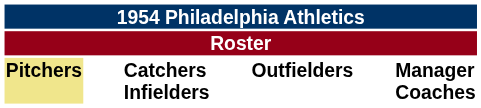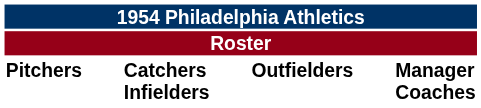 <table class="toccolours" style="font-size: 95%;">
 <tr>
 <th colspan="10" style="background-color: #003366; color: white; text-align: center;">1954 Philadelphia Athletics</th>
 </tr>
 <tr>
 <td colspan="10" style="background-color: #960018; color: white; text-align: center;"><strong>Roster</strong></td>
 </tr>
 <tr>
-<td valign="top" style="background: khaki;"><strong>Pitchers</strong><br>                   </td>
+<td valign="top"><strong>Pitchers</strong><br>                   </td>
 <td width="25px"></td>
 <td valign="top"><strong>Catchers</strong><br>   <strong>Infielders</strong>        </td>
 <td width="25px"></td>
 <td valign="top"><strong>Outfielders</strong><br>      </td>
 <td width="25px"></td>
 <td valign="top"><strong>Manager</strong><br> <strong>Coaches</strong>    </td>
 </tr>
 </table>
